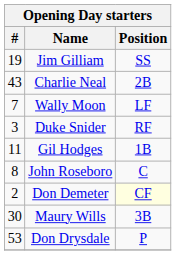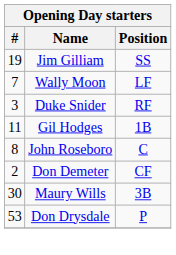 <table class="wikitable" style="text-align:center">
 <tr>
 <th colspan="3">Opening Day starters</th>
 </tr>
 <tr>
 <th>#</th>
 <th>Name</th>
 <th>Position</th>
 </tr>
 <tr>
 <td>19</td>
 <td><a href='#'>Jim Gilliam</a></td>
 <td><a href='#'>SS</a></td>
-</tr>
-<tr>
-<td>43</td>
-<td><a href='#'>Charlie Neal</a></td>
-<td><a href='#'>2B</a></td>
 </tr>
 <tr>
 <td>7</td>
 <td><a href='#'>Wally Moon</a></td>
 <td><a href='#'>LF</a></td>
 </tr>
 <tr>
 <td>3</td>
 <td><a href='#'>Duke Snider</a></td>
 <td><a href='#'>RF</a></td>
 </tr>
 <tr>
 <td>11</td>
 <td><a href='#'>Gil Hodges</a></td>
 <td><a href='#'>1B</a></td>
 </tr>
 <tr>
 <td>8</td>
 <td><a href='#'>John Roseboro</a></td>
 <td><a href='#'>C</a></td>
 </tr>
 <tr>
 <td>2</td>
 <td><a href='#'>Don Demeter</a></td>
-<td style="background: lightyellow;"><a href='#'>CF</a></td>
+<td><a href='#'>CF</a></td>
 </tr>
 <tr>
 <td>30</td>
 <td><a href='#'>Maury Wills</a></td>
 <td><a href='#'>3B</a></td>
 </tr>
 <tr>
 <td>53</td>
 <td><a href='#'>Don Drysdale</a></td>
 <td><a href='#'>P</a></td>
 </tr>
 <tr>
 </tr>
 </table>
